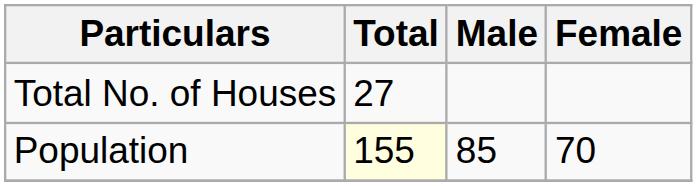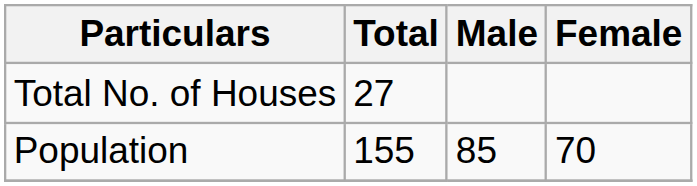 <table class="wikitable sortable">
 <tr>
 <th>Particulars</th>
 <th>Total</th>
 <th>Male</th>
 <th>Female</th>
 </tr>
 <tr>
 <td>Total No. of Houses</td>
 <td>27</td>
 <td></td>
 <td></td>
 </tr>
 <tr>
 <td>Population</td>
-<td style="background: lightyellow;">155</td>
+<td>155</td>
 <td>85</td>
 <td>70</td>
 </tr>
 <tr>
 </tr>
 </table>
